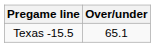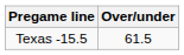 <table class="wikitable" style="margin-left: auto; margin-right: auto; border: none; display: inline-table;">
 <tr align="center">
 <th style=>Pregame line</th>
 <th style=>Over/under</th>
 </tr>
 <tr align="center">
 <td>Texas -15.5</td>
-<td>65.1</td>
+<td>61.5</td>
 </tr>
 </table>
